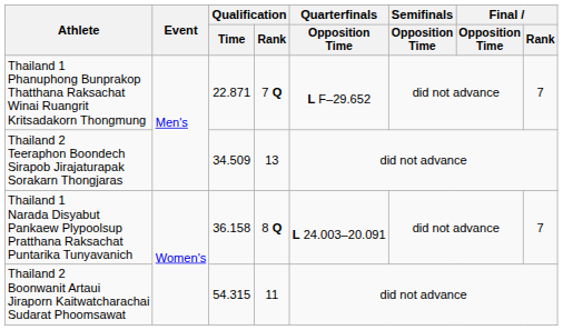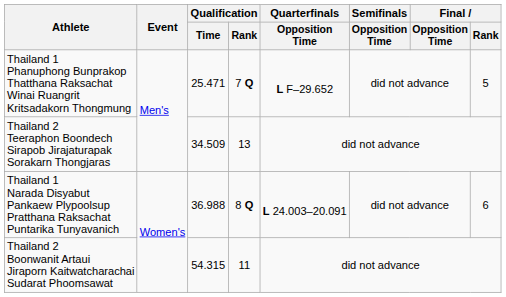 <table class=wikitable style="font-size:90%; text-align:center;">
 <tr>
 <th rowspan="2">Athlete</th>
 <th rowspan="2">Event</th>
 <th colspan=2>Qualification</th>
 <th>Quarterfinals</th>
 <th>Semifinals</th>
 <th colspan=2>Final / </th>
 </tr>
 <tr style="font-size:95%">
 <th>Time</th>
 <th>Rank</th>
 <th>Opposition<br>Time</th>
 <th>Opposition<br>Time</th>
 <th>Opposition<br>Time</th>
 <th>Rank</th>
 </tr>
 <tr>
 <td align=left>Thailand 1<br>Phanuphong Bunprakop<br>Thatthana Raksachat<br>Winai Ruangrit<br>Kritsadakorn Thongmung</td>
 <td align=left rowspan=2><a href='#'>Men's</a></td>
-<td>22.871</td>
+<td>25.471</td>
 <td>7 <strong>Q</strong></td>
 <td><br><strong>L</strong> F–29.652</td>
 <td colspan=2>did not advance</td>
-<td>7</td>
+<td>5</td>
 </tr>
 <tr>
 <td align=left>Thailand 2<br>Teeraphon Boondech<br>Sirapob Jirajaturapak<br>Sorakarn Thongjaras</td>
 <td>34.509</td>
 <td>13</td>
 <td colspan=4>did not advance</td>
 </tr>
 <tr>
 <td align=left>Thailand 1<br>Narada Disyabut<br>Pankaew Plypoolsup<br>Pratthana Raksachat<br>Puntarika Tunyavanich</td>
 <td align=left rowspan=2><a href='#'>Women's</a></td>
-<td>36.158</td>
+<td>36.988</td>
 <td>8 <strong>Q</strong></td>
 <td><br><strong>L</strong> 24.003–20.091</td>
 <td colspan=2>did not advance</td>
-<td>7</td>
+<td>6</td>
 </tr>
 <tr>
 <td align=left>Thailand 2<br>Boonwanit Artaui<br>Jiraporn Kaitwatcharachai<br>Sudarat Phoomsawat</td>
 <td>54.315</td>
 <td>11</td>
 <td colspan=4>did not advance</td>
 </tr>
 </table>
